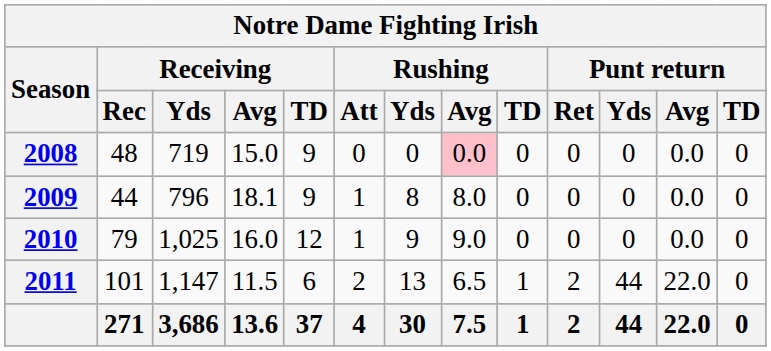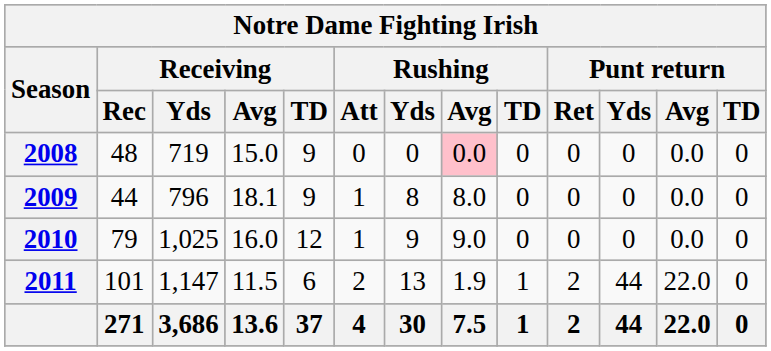 <table class=wikitable style="text-align:center;">
 <tr>
 <th colspan="18">Notre Dame Fighting Irish</th>
 </tr>
 <tr>
 <th rowspan="2">Season</th>
 <th colspan="4">Receiving</th>
 <th colspan="4">Rushing</th>
 <th colspan="4">Punt return</th>
 </tr>
 <tr>
 <th>Rec</th>
 <th>Yds</th>
 <th>Avg</th>
 <th>TD</th>
 <th>Att</th>
 <th>Yds</th>
 <th>Avg</th>
 <th>TD</th>
 <th>Ret</th>
 <th>Yds</th>
 <th>Avg</th>
 <th>TD</th>
 </tr>
 <tr>
 <th><a href='#'>2008</a></th>
 <td>48</td>
 <td>719</td>
 <td>15.0</td>
 <td>9</td>
 <td>0</td>
 <td>0</td>
 <td style="background: pink;">0.0</td>
 <td>0</td>
 <td>0</td>
 <td>0</td>
 <td>0.0</td>
 <td>0</td>
 </tr>
 <tr>
 <th><a href='#'>2009</a></th>
 <td>44</td>
 <td>796</td>
 <td>18.1</td>
 <td>9</td>
 <td>1</td>
 <td>8</td>
 <td>8.0</td>
 <td>0</td>
 <td>0</td>
 <td>0</td>
 <td>0.0</td>
 <td>0</td>
 </tr>
 <tr>
 <th><a href='#'>2010</a></th>
 <td>79</td>
 <td>1,025</td>
 <td>16.0</td>
 <td>12</td>
 <td>1</td>
 <td>9</td>
 <td>9.0</td>
 <td>0</td>
 <td>0</td>
 <td>0</td>
 <td>0.0</td>
 <td>0</td>
 </tr>
 <tr>
 <th><a href='#'>2011</a></th>
 <td>101</td>
 <td>1,147</td>
 <td>11.5</td>
 <td>6</td>
 <td>2</td>
 <td>13</td>
-<td>6.5</td>
+<td>1.9</td>
 <td>1</td>
 <td>2</td>
 <td>44</td>
 <td>22.0</td>
 <td>0</td>
 </tr>
 <tr>
 <th></th>
 <th>271</th>
 <th>3,686</th>
 <th>13.6</th>
 <th>37</th>
 <th>4</th>
 <th>30</th>
 <th>7.5</th>
 <th>1</th>
 <th>2</th>
 <th>44</th>
 <th>22.0</th>
 <th>0</th>
 </tr>
 </table>
